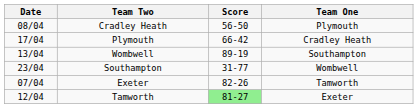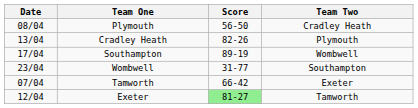 <table class="wikitable" style="text-align: center">
 <tr>
 <th width=80>Date</th>
+<th width=250>Team One</th>
+<th width=80>Score</th>
 <th width=250>Team Two</th>
-<th width=80>Score</th>
-<th width=250>Team One</th>
 </tr>
 <tr>
 <td>08/04</td>
+<td>Plymouth</td>
+<td>56-50</td>
 <td>Cradley Heath</td>
-<td>56-50</td>
+</tr>
+<tr>
+<td>13/04</td>
+<td>Cradley Heath</td>
+<td>82-26</td>
 <td>Plymouth</td>
 </tr>
 <tr>
 <td>17/04</td>
-<td>Plymouth</td>
-<td>66-42</td>
-<td>Cradley Heath</td>
+<td>Southampton</td>
+<td>89-19</td>
+<td>Wombwell</td>
 </tr>
 <tr>
-<td>13/04</td>
+<td>23/04</td>
 <td>Wombwell</td>
-<td>89-19</td>
+<td>31-77</td>
 <td>Southampton</td>
 </tr>
 <tr>
-<td>23/04</td>
-<td>Southampton</td>
-<td>31-77</td>
-<td>Wombwell</td>
-</tr>
-<tr>
 <td>07/04</td>
+<td>Tamworth</td>
+<td>66-42</td>
 <td>Exeter</td>
-<td>82-26</td>
-<td>Tamworth</td>
 </tr>
 <tr>
 <td>12/04</td>
+<td>Exeter</td>
+<td style="background: lightgreen;">81-27</td>
 <td>Tamworth</td>
-<td style="background: lightgreen;">81-27</td>
-<td>Exeter</td>
 </tr>
 </table>
